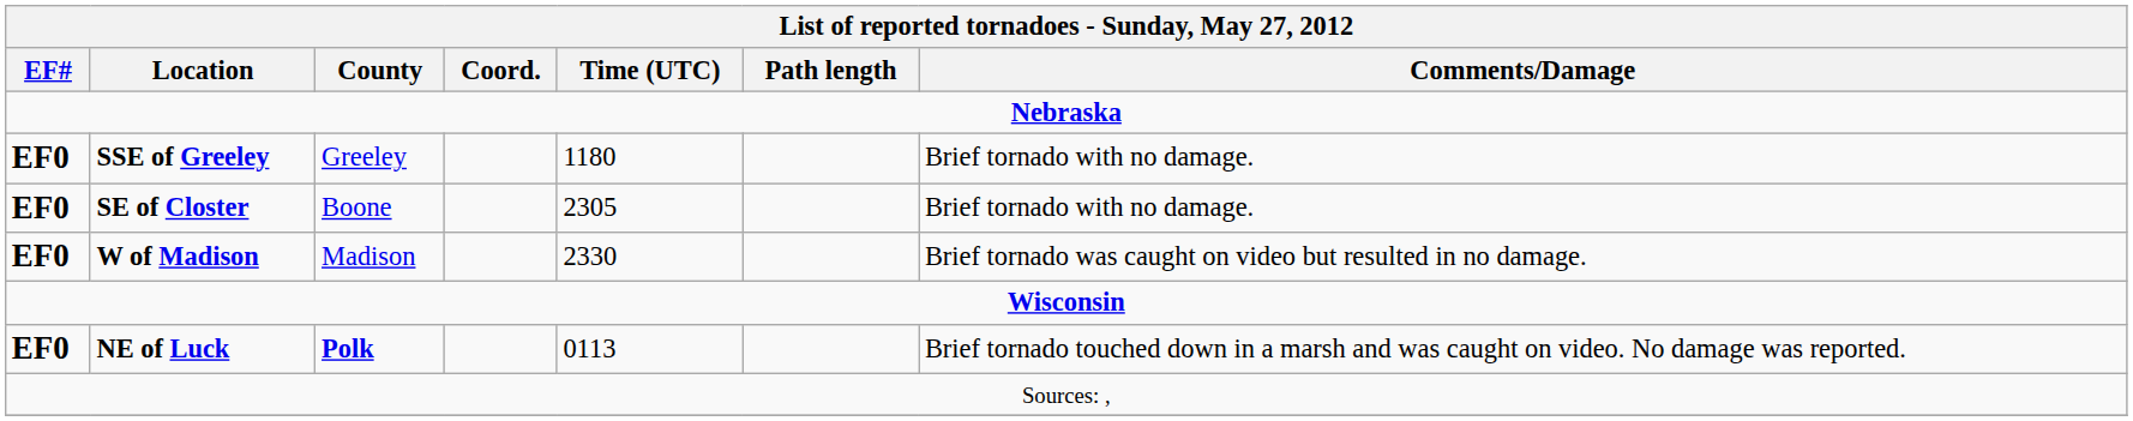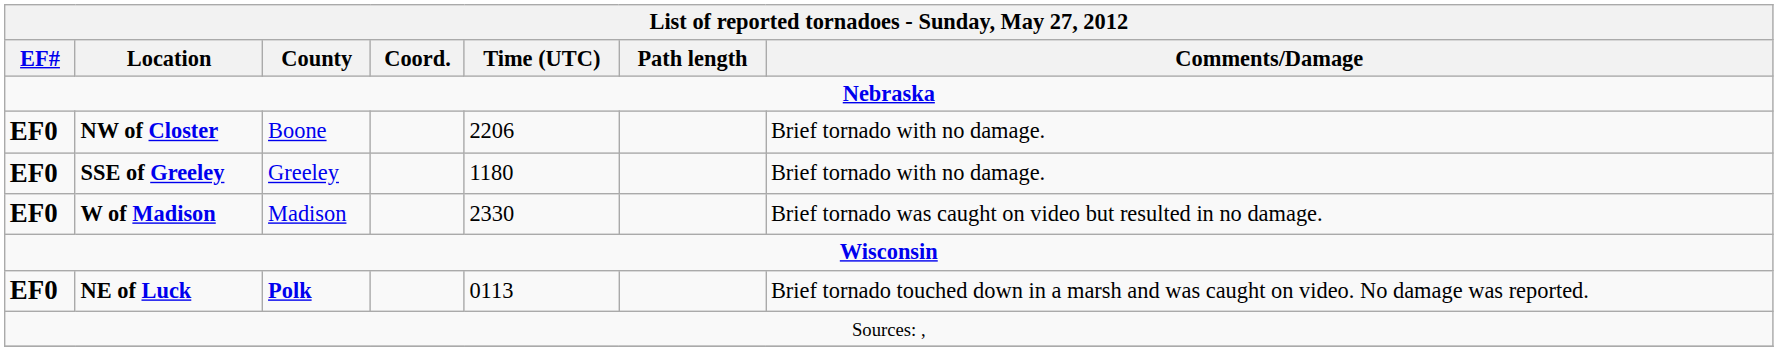 <table class="wikitable collapsible" width="100%">
 <tr>
 <th colspan="7">List of reported tornadoes - Sunday, May 27, 2012</th>
 </tr>
 <tr>
 <th><a href='#'>EF#</a></th>
 <th>Location</th>
 <th>County</th>
 <th>Coord.</th>
 <th>Time (UTC)</th>
 <th>Path length</th>
 <th>Comments/Damage</th>
 </tr>
 <tr>
 <td colspan="7" align=center><strong><a href='#'>Nebraska</a></strong></td>
 </tr>
 <tr>
 <td><big><strong>EF0</strong></big></td>
-<td><strong>SSE of <a href='#'>Greeley</a></strong></td>
-<td><a href='#'>Greeley</a></td>
+<td><strong>NW of <a href='#'>Closter</a></strong></td>
+<td><a href='#'>Boone</a></td>
 <td></td>
-<td>1180</td>
+<td>2206</td>
 <td></td>
 <td>Brief tornado with no damage.</td>
 </tr>
 <tr>
 <td><big><strong>EF0</strong></big></td>
-<td><strong>SE of <a href='#'>Closter</a></strong></td>
-<td><a href='#'>Boone</a></td>
+<td><strong>SSE of <a href='#'>Greeley</a></strong></td>
+<td><a href='#'>Greeley</a></td>
 <td></td>
-<td>2305</td>
+<td>1180</td>
 <td></td>
 <td>Brief tornado with no damage.</td>
 </tr>
 <tr>
 <td><big><strong>EF0</strong></big></td>
 <td><strong>W of <a href='#'>Madison</a></strong></td>
 <td><a href='#'>Madison</a></td>
 <td></td>
 <td>2330</td>
 <td></td>
 <td>Brief tornado was caught on video but resulted in no damage.</td>
 </tr>
 <tr>
 <td colspan="7" align=center><strong><a href='#'>Wisconsin</a></strong></td>
 </tr>
 <tr>
 <td><big><strong>EF0</strong></big></td>
 <td><strong>NE of <a href='#'>Luck</a></strong></td>
 <td><strong><a href='#'>Polk</a></strong></td>
 <td></td>
 <td>0113</td>
 <td></td>
 <td>Brief tornado touched down in a marsh and was caught on video. No damage was reported.</td>
 </tr>
 <tr>
 <td colspan="7" align=center><small>Sources: , </small></td>
 </tr>
 <tr>
 </tr>
 </table>
